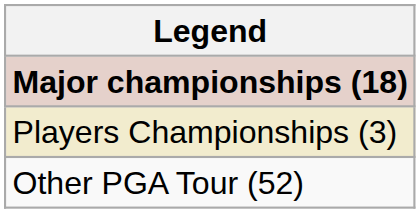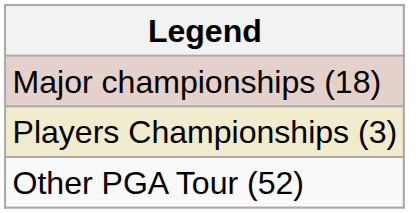 <table class="wikitable" style="font-size:95%;">
 <tr>
 <th>Legend</th>
 </tr>
 <tr style="background:#e5d1cb;">
-<td><strong>Major championships (18)</strong></td>
+<td>Major championships (18)</td>
 </tr>
 <tr style="background:#f2ecce;">
 <td>Players Championships (3)</td>
 </tr>
 <tr>
 <td>Other PGA Tour (52)</td>
 </tr>
 </table>
